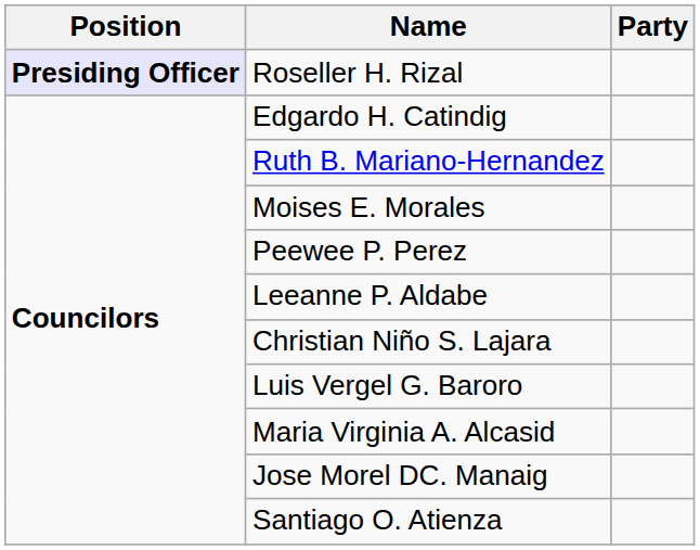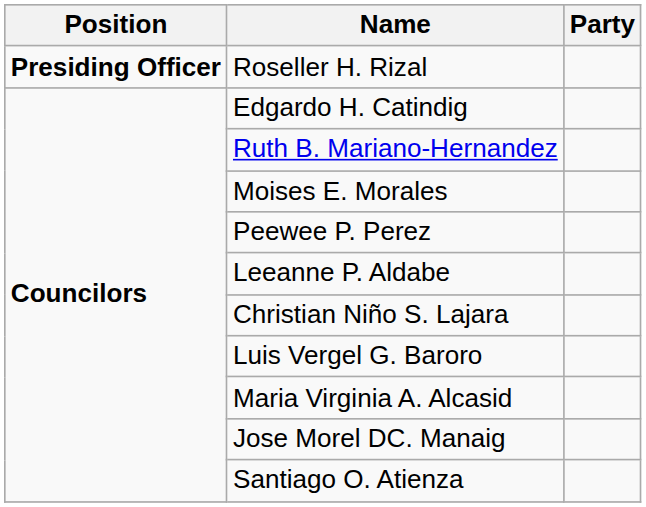 <table class=wikitable>
 <tr>
 <th>Position</th>
 <th>Name</th>
 <th colspan=2>Party</th>
 </tr>
 <tr>
-<td style="background: lavender;"><strong>Presiding Officer</strong></td>
+<td><strong>Presiding Officer</strong></td>
 <td>Roseller H. Rizal</td>
 <td></td>
 </tr>
 <tr>
 <td rowspan=10><strong>Councilors</strong></td>
 <td>Edgardo H. Catindig</td>
 <td></td>
 </tr>
 <tr>
 <td><a href='#'>Ruth B. Mariano-Hernandez</a></td>
 <td></td>
 </tr>
 <tr>
 <td>Moises E. Morales</td>
 <td></td>
 </tr>
 <tr>
 <td>Peewee P. Perez</td>
 <td></td>
 </tr>
 <tr>
 <td>Leeanne P. Aldabe</td>
 <td></td>
 </tr>
 <tr>
 <td>Christian Niño S. Lajara</td>
 <td></td>
 </tr>
 <tr>
 <td>Luis Vergel G. Baroro</td>
 <td></td>
 </tr>
 <tr>
 <td>Maria Virginia A. Alcasid</td>
 <td></td>
 </tr>
 <tr>
 <td>Jose Morel DC. Manaig</td>
 <td></td>
 </tr>
 <tr>
 <td>Santiago O. Atienza</td>
 <td></td>
 </tr>
 </table>
